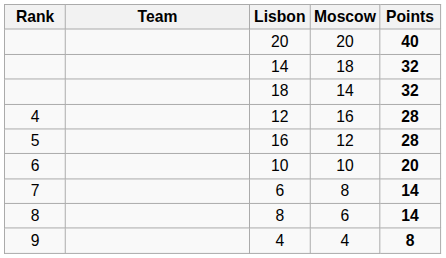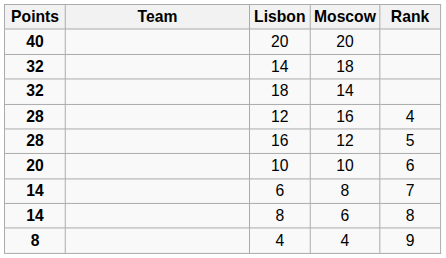 <table class="wikitable" style="text-align: center;">
 <tr>
-<th width=55>Rank</th>
+<th width=55>Points</th>
 <th width=180>Team</th>
 <th width=55>Lisbon</th>
 <th width=55>Moscow</th>
-<th width=55>Points</th>
+<th width=55>Rank</th>
 </tr>
 <tr>
-<td></td>
+<td><strong>40</strong></td>
 <td align=left></td>
 <td>20</td>
 <td>20</td>
-<td><strong>40</strong></td>
+<td></td>
 </tr>
 <tr>
-<td></td>
+<td><strong>32</strong></td>
 <td align=left></td>
 <td>14</td>
 <td>18</td>
-<td><strong>32</strong></td>
+<td></td>
 </tr>
 <tr>
-<td></td>
+<td><strong>32</strong></td>
 <td align=left></td>
 <td>18</td>
 <td>14</td>
-<td><strong>32</strong></td>
+<td></td>
 </tr>
 <tr>
-<td>4</td>
+<td><strong>28</strong></td>
 <td align=left></td>
 <td>12</td>
 <td>16</td>
-<td><strong>28</strong></td>
+<td>4</td>
 </tr>
 <tr>
-<td>5</td>
+<td><strong>28</strong></td>
 <td align=left></td>
 <td>16</td>
 <td>12</td>
-<td><strong>28</strong></td>
+<td>5</td>
 </tr>
 <tr>
-<td>6</td>
+<td><strong>20</strong></td>
 <td align=left></td>
 <td>10</td>
 <td>10</td>
-<td><strong>20</strong></td>
+<td>6</td>
 </tr>
 <tr>
-<td>7</td>
+<td><strong>14</strong></td>
 <td align=left></td>
 <td>6</td>
 <td>8</td>
-<td><strong>14</strong></td>
+<td>7</td>
 </tr>
 <tr>
-<td>8</td>
+<td><strong>14</strong></td>
 <td align=left></td>
 <td>8</td>
 <td>6</td>
-<td><strong>14</strong></td>
+<td>8</td>
 </tr>
 <tr>
-<td>9</td>
+<td><strong>8</strong></td>
 <td align=left></td>
 <td>4</td>
 <td>4</td>
-<td><strong>8</strong></td>
+<td>9</td>
 </tr>
 </table>
